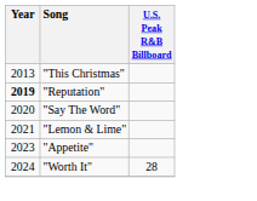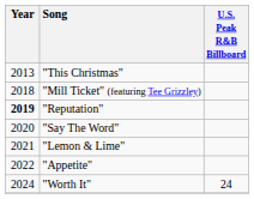 <table class="wikitable">
 <tr>
 <th style="vertical-align:top; text-align:center; width:40px;">Year</th>
 <th style="text-align:left; vertical-align:top;">Song</th>
 <th style="vertical-align:top; text-align:center; width:40px;"><small><a href='#'>U.S. Peak R&B Billboard</a></small></th>
 </tr>
 <tr {| class="wikitable">
 <td style="text-align:center; vertical-align:top;">2013</td>
 <td style="text-align:left; vertical-align:top;">"This Christmas"</td>
+<td style="text-align:center; vertical-align:top;"></td>
+</tr>
+<tr>
+<td style="text-align:center; vertical-align:top;">2018</td>
+<td style="text-align:left; vertical-align:top;">"Mill Ticket" <small>(featuring <a href='#'>Tee Grizzley</a>)</small></td>
 <td style="text-align:center; vertical-align:top;"></td>
 </tr>
 <tr>
 <td style="text-align:center; vertical-align:top;"><strong>2019</strong></td>
 <td style="text-align:left; vertical-align:top;">"Reputation"</td>
 <td style="text-align:center; vertical-align:top;"></td>
 </tr>
 <tr>
 <td style="text-align:center; vertical-align:top;">2020</td>
 <td style="text-align:left; vertical-align:top;">"Say The Word"</td>
 <td style="text-align:center; vertical-align:top;"></td>
 </tr>
 <tr>
 <td style="text-align:center; vertical-align:top;">2021</td>
 <td style="text-align:left; vertical-align:top;">"Lemon & Lime"</td>
 <td style="text-align:center; vertical-align:top;"></td>
 </tr>
 <tr>
-<td style="text-align:center; vertical-align:top;">2023</td>
+<td style="text-align:center; vertical-align:top;">2022</td>
 <td style="text-align:left; vertical-align:top;">"Appetite"</td>
 <td style="text-align:center; vertical-align:top;"></td>
 </tr>
 <tr>
 <td style="text-align:center; vertical-align:top;">2024</td>
 <td style="text-align:left; vertical-align:top;">"Worth It"</td>
-<td style="text-align:center; vertical-align:top;">28</td>
+<td style="text-align:center; vertical-align:top;">24</td>
 </tr>
 <tr>
 </tr>
 </table>
